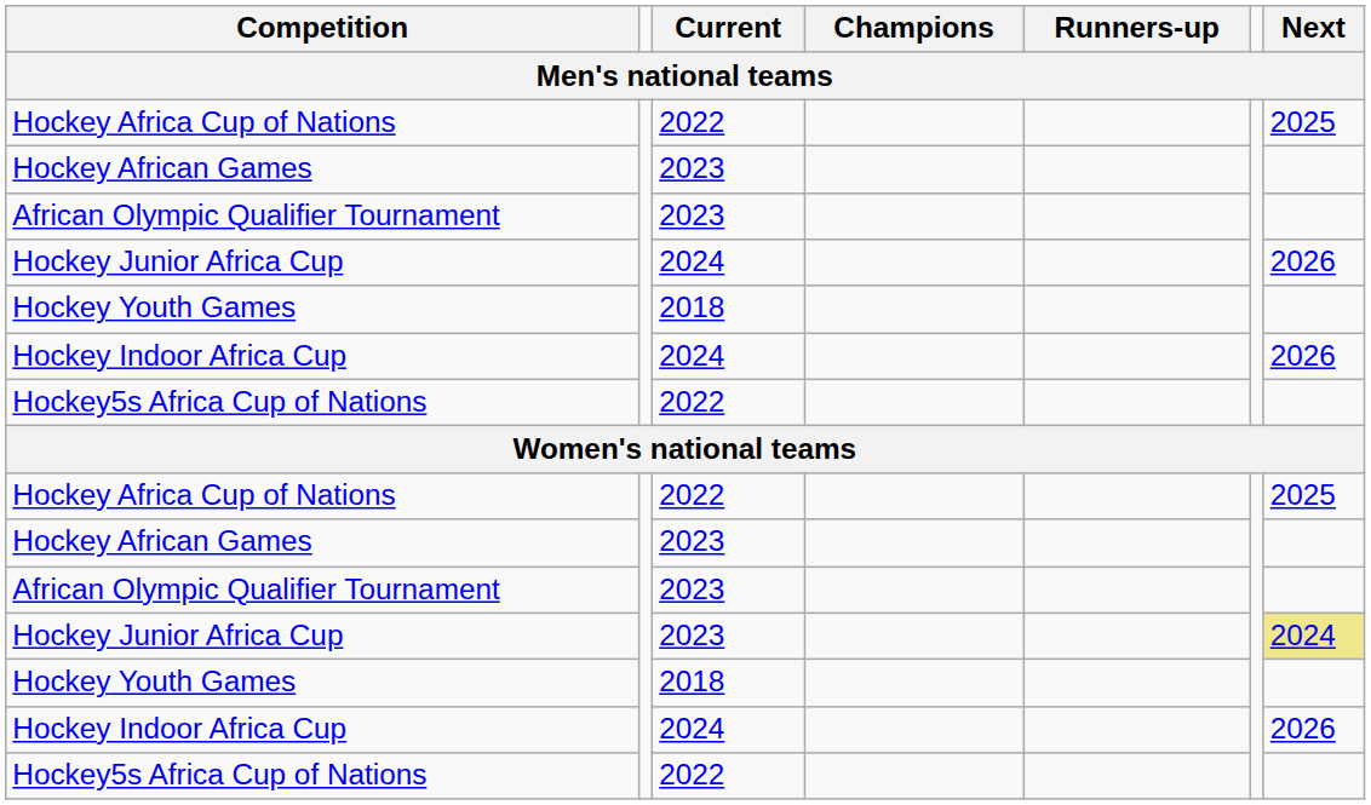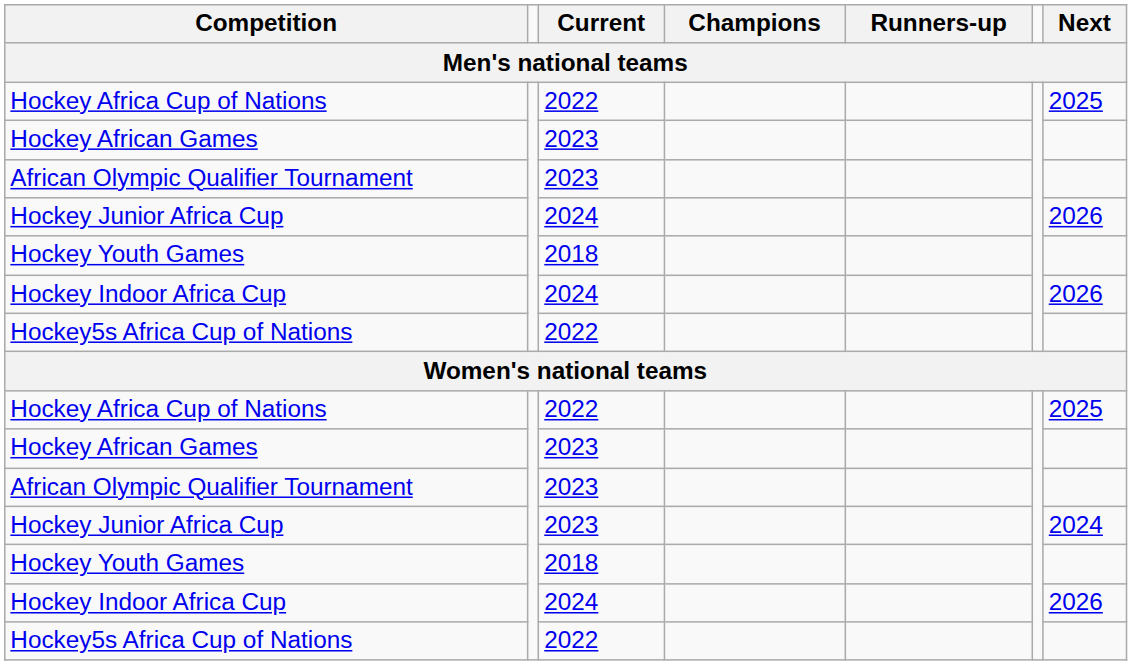 <table class="wikitable">
 <tr>
 <th>Competition</th>
 <td rowspan="1" width="1%"></td>
 <th>Current</th>
 <th>Champions</th>
 <th>Runners-up</th>
 <td rowspan="1" width="1%"></td>
 <th>Next</th>
 </tr>
 <tr>
 <th colspan="7">Men's national teams</th>
 </tr>
 <tr>
 <td><a href='#'>Hockey Africa Cup of Nations</a></td>
 <td rowspan="7" width="1%"></td>
 <td><a href='#'>2022</a></td>
 <td style="text-align:left"></td>
 <td></td>
 <td rowspan="7" width="1%"></td>
 <td><a href='#'>2025</a></td>
 </tr>
 <tr>
 <td><a href='#'>Hockey African Games</a></td>
 <td><a href='#'>2023</a></td>
 <td style="text-align:left"></td>
 <td></td>
 <td><em></em></td>
 </tr>
 <tr>
 <td><a href='#'>African Olympic Qualifier Tournament</a></td>
 <td><a href='#'>2023</a></td>
 <td style="text-align:left"></td>
 <td></td>
 <td><em></em></td>
 </tr>
 <tr>
 <td><a href='#'>Hockey Junior Africa Cup</a></td>
 <td><a href='#'>2024</a></td>
 <td style="text-align:left"></td>
 <td></td>
 <td><a href='#'>2026</a></td>
 </tr>
 <tr>
 <td><a href='#'>Hockey Youth Games</a></td>
 <td><a href='#'>2018</a></td>
 <td style="text-align:left"></td>
 <td></td>
 <td><em></em></td>
 </tr>
 <tr>
 <td><a href='#'>Hockey Indoor Africa Cup</a></td>
 <td><a href='#'>2024</a></td>
 <td style="text-align:left"></td>
 <td></td>
 <td><a href='#'>2026</a></td>
 </tr>
 <tr>
 <td><a href='#'>Hockey5s Africa Cup of Nations</a></td>
 <td><a href='#'>2022</a></td>
 <td style="text-align:left"></td>
 <td></td>
 <td><em></em></td>
 </tr>
 <tr>
 <th colspan="7">Women's national teams</th>
 </tr>
 <tr>
 <td><a href='#'>Hockey Africa Cup of Nations</a></td>
 <td rowspan="7" width="1%"></td>
 <td><a href='#'>2022</a></td>
 <td style="text-align:left"></td>
 <td></td>
 <td rowspan="7" width="1%"></td>
 <td><a href='#'>2025</a></td>
 </tr>
 <tr>
 <td><a href='#'>Hockey African Games</a></td>
 <td><a href='#'>2023</a></td>
 <td style="text-align:left"></td>
 <td></td>
 <td><em></em></td>
 </tr>
 <tr>
 <td><a href='#'>African Olympic Qualifier Tournament</a></td>
 <td><a href='#'>2023</a></td>
 <td style="text-align:left"></td>
 <td></td>
 <td><em></em></td>
 </tr>
 <tr>
 <td><a href='#'>Hockey Junior Africa Cup</a></td>
 <td><a href='#'>2023</a></td>
 <td style="text-align:left"></td>
 <td></td>
-<td style="background: khaki;"><a href='#'>2024</a></td>
+<td><a href='#'>2024</a></td>
 </tr>
 <tr>
 <td><a href='#'>Hockey Youth Games</a></td>
 <td><a href='#'>2018</a></td>
 <td style="text-align:left"></td>
 <td></td>
 <td><em></em></td>
 </tr>
 <tr>
 <td><a href='#'>Hockey Indoor Africa Cup</a></td>
 <td><a href='#'>2024</a></td>
 <td style="text-align:left"></td>
 <td></td>
 <td><a href='#'>2026</a></td>
 </tr>
 <tr>
 <td><a href='#'>Hockey5s Africa Cup of Nations</a></td>
 <td><a href='#'>2022</a></td>
 <td style="text-align:left"></td>
 <td></td>
 <td><em></em></td>
 </tr>
 </table>
